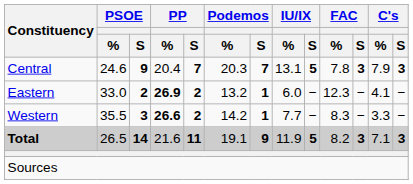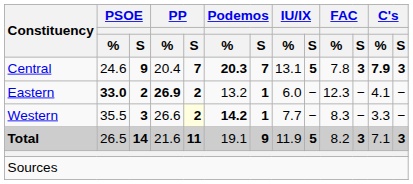 <table class="wikitable sortable" style="text-align:right; line-height:20px;">
 <tr>
 <th rowspan="3">Constituency</th>
 <th colspan="2" width="30px" class="unsortable"><a href='#'>PSOE</a></th>
 <th colspan="2" width="30px" class="unsortable"><a href='#'>PP</a></th>
 <th colspan="2" width="30px" class="unsortable"><a href='#'>Podemos</a></th>
 <th colspan="2" width="30px" class="unsortable"><a href='#'>IU/IX</a></th>
 <th colspan="2" width="30px" class="unsortable"><a href='#'>FAC</a></th>
 <th colspan="2" width="30px" class="unsortable"><a href='#'>C's</a></th>
 </tr>
 <tr>
 <th colspan="2" style="background:"></th>
 <th colspan="2" style="background:"></th>
 <th colspan="2" style="background:"></th>
 <th colspan="2" style="background:"></th>
 <th colspan="2" style="background:"></th>
 <th colspan="2" style="background:"></th>
 </tr>
 <tr>
 <th data-sort-type="number">%</th>
 <th data-sort-type="number">S</th>
 <th data-sort-type="number">%</th>
 <th data-sort-type="number">S</th>
 <th data-sort-type="number">%</th>
 <th data-sort-type="number">S</th>
 <th data-sort-type="number">%</th>
 <th data-sort-type="number">S</th>
 <th data-sort-type="number">%</th>
 <th data-sort-type="number">S</th>
 <th data-sort-type="number">%</th>
 <th data-sort-type="number">S</th>
 </tr>
 <tr>
 <td align="left"><a href='#'>Central</a></td>
 <td style="background:">24.6</td>
 <td><strong>9</strong></td>
 <td>20.4</td>
 <td><strong>7</strong></td>
-<td>20.3</td>
+<td><strong>20.3</strong></td>
 <td><strong>7</strong></td>
 <td>13.1</td>
 <td><strong>5</strong></td>
 <td>7.8</td>
 <td><strong>3</strong></td>
-<td>7.9</td>
+<td><strong>7.9</strong></td>
 <td><strong>3</strong></td>
 </tr>
 <tr>
 <td align="left"><a href='#'>Eastern</a></td>
-<td style="background:">33.0</td>
+<td style="background:"><strong>33.0</strong></td>
 <td><strong>2</strong></td>
 <td><strong>26.9</strong></td>
 <td><strong>2</strong></td>
 <td>13.2</td>
 <td><strong>1</strong></td>
 <td>6.0</td>
 <td>−</td>
 <td>12.3</td>
 <td>−</td>
 <td>4.1</td>
 <td>−</td>
 </tr>
 <tr>
 <td align="left"><a href='#'>Western</a></td>
 <td style="background:">35.5</td>
 <td><strong>3</strong></td>
-<td><strong>26.6</strong></td>
-<td><strong>2</strong></td>
-<td>14.2</td>
+<td>26.6</td>
+<td style="background: lightyellow;"><strong>2</strong></td>
+<td><strong>14.2</strong></td>
 <td><strong>1</strong></td>
 <td>7.7</td>
 <td>−</td>
 <td>8.3</td>
 <td>−</td>
 <td>3.3</td>
 <td>−</td>
 </tr>
 <tr style="background:#CDCDCD;">
 <td align="left"><strong>Total</strong></td>
 <td style="background:">26.5</td>
 <td><strong>14</strong></td>
 <td>21.6</td>
 <td><strong>11</strong></td>
 <td>19.1</td>
 <td><strong>9</strong></td>
 <td>11.9</td>
 <td><strong>5</strong></td>
 <td>8.2</td>
 <td><strong>3</strong></td>
 <td>7.1</td>
 <td><strong>3</strong></td>
 </tr>
 <tr>
 <th colspan="13"></th>
 </tr>
 <tr>
 <th style="text-align:left; font-weight:normal; background:#F9F9F9" colspan="13">Sources</th>
 </tr>
 </table>
